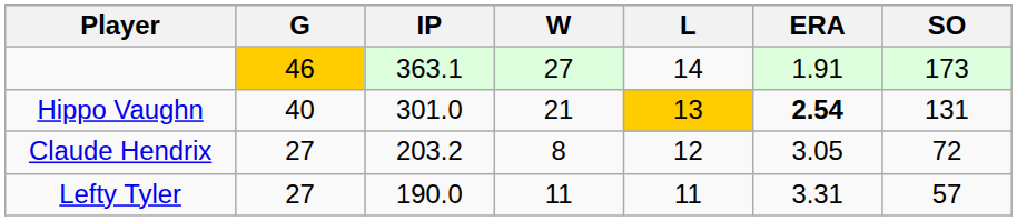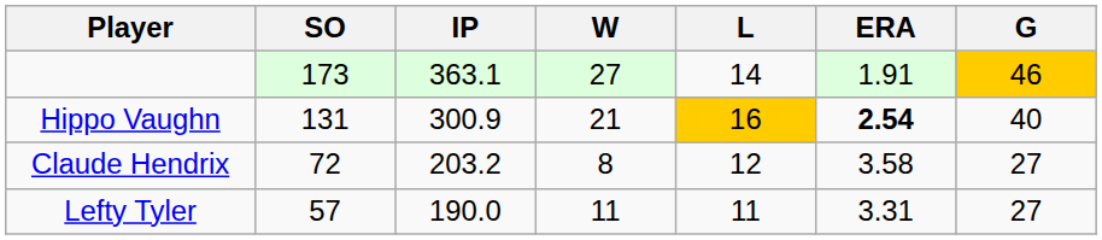 <table class="wikitable sortable">
 <tr>
 <th bgcolor="#DDDDFF" width="16%">Player</th>
-<th bgcolor="#DDDDFF" width="9%">G</th>
+<th bgcolor="#DDDDFF" width="9%">SO</th>
 <th bgcolor="#DDDDFF" width="9%">IP</th>
 <th bgcolor="#DDDDFF" width="9%">W</th>
 <th bgcolor="#DDDDFF" width="9%">L</th>
 <th bgcolor="#DDDDFF" width="9%">ERA</th>
-<th bgcolor="#DDDDFF" width="9%">SO</th>
+<th bgcolor="#DDDDFF" width="9%">G</th>
 </tr>
 <tr align="center">
 <td></td>
-<td style="background:#fc0;">46</td>
+<td style="background:#DDFFDD;">173</td>
 <td style="background:#DDFFDD;">363.1</td>
 <td style="background:#DDFFDD;">27</td>
 <td>14</td>
 <td style="background:#DDFFDD;">1.91</td>
-<td style="background:#DDFFDD;">173</td>
+<td style="background:#fc0;">46</td>
 </tr>
 <tr align="center">
 <td><a href='#'>Hippo Vaughn</a></td>
+<td>131</td>
+<td>300.9</td>
+<td>21</td>
+<td style="background:#fc0;">16</td>
+<td><strong>2.54</strong></td>
 <td>40</td>
-<td>301.0</td>
-<td>21</td>
-<td style="background:#fc0;">13</td>
-<td><strong>2.54</strong></td>
-<td>131</td>
 </tr>
 <tr align=center>
 <td><a href='#'>Claude Hendrix</a></td>
-<td>27</td>
+<td>72</td>
 <td>203.2</td>
 <td>8</td>
 <td>12</td>
-<td>3.05</td>
-<td>72</td>
+<td>3.58</td>
+<td>27</td>
 </tr>
 <tr align=center>
 <td><a href='#'>Lefty Tyler</a></td>
-<td>27</td>
+<td>57</td>
 <td>190.0</td>
 <td>11</td>
 <td>11</td>
 <td>3.31</td>
-<td>57</td>
+<td>27</td>
 </tr>
 </table>
